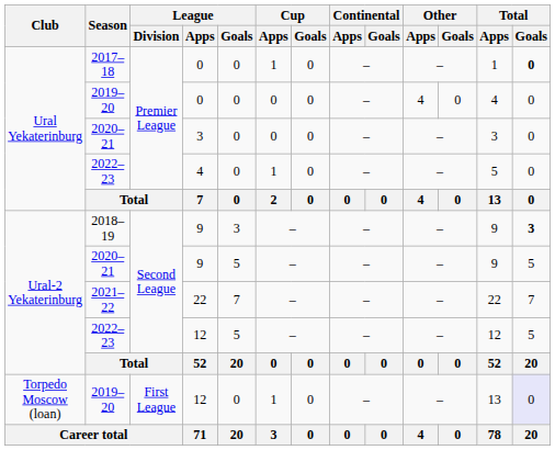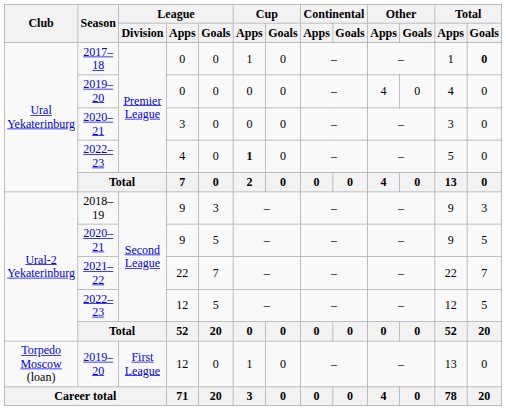 <table class="wikitable" style="text-align: center;">
 <tr>
 <th rowspan=2>Club</th>
 <th rowspan=2>Season</th>
 <th colspan=3>League</th>
 <th colspan=2>Cup</th>
 <th colspan=2>Continental</th>
 <th colspan=2>Other</th>
 <th colspan=2>Total</th>
 </tr>
 <tr>
 <th>Division</th>
 <th>Apps</th>
 <th>Goals</th>
 <th>Apps</th>
 <th>Goals</th>
 <th>Apps</th>
 <th>Goals</th>
 <th>Apps</th>
 <th>Goals</th>
 <th>Apps</th>
 <th>Goals</th>
 </tr>
 <tr>
 <td rowspan="5"><a href='#'>Ural Yekaterinburg</a></td>
 <td><a href='#'>2017–18</a></td>
 <td rowspan="4"><a href='#'>Premier League</a></td>
 <td>0</td>
 <td>0</td>
 <td>1</td>
 <td>0</td>
 <td colspan=2>–</td>
 <td colspan=2>–</td>
 <td>1</td>
 <td><strong>0</strong></td>
 </tr>
 <tr>
 <td><a href='#'>2019–20</a></td>
 <td>0</td>
 <td>0</td>
 <td>0</td>
 <td>0</td>
 <td colspan=2>–</td>
 <td>4</td>
 <td>0</td>
 <td>4</td>
 <td>0</td>
 </tr>
 <tr>
 <td><a href='#'>2020–21</a></td>
 <td>3</td>
 <td>0</td>
 <td>0</td>
 <td>0</td>
 <td colspan=2>–</td>
 <td colspan=2>–</td>
 <td>3</td>
 <td>0</td>
 </tr>
 <tr>
 <td><a href='#'>2022–23</a></td>
 <td>4</td>
 <td>0</td>
-<td>1</td>
+<td><strong>1</strong></td>
 <td>0</td>
 <td colspan=2>–</td>
 <td colspan=2>–</td>
 <td>5</td>
 <td>0</td>
 </tr>
 <tr>
 <th colspan=2>Total</th>
 <th>7</th>
 <th>0</th>
 <th>2</th>
 <th>0</th>
 <th>0</th>
 <th>0</th>
 <th>4</th>
 <th>0</th>
 <th>13</th>
 <th>0</th>
 </tr>
 <tr>
 <td rowspan="5"><a href='#'>Ural-2 Yekaterinburg</a></td>
 <td>2018–19</td>
 <td rowspan="4"><a href='#'>Second League</a></td>
 <td>9</td>
 <td>3</td>
 <td colspan=2>–</td>
 <td colspan=2>–</td>
 <td colspan=2>–</td>
 <td>9</td>
-<td><strong>3</strong></td>
+<td>3</td>
 </tr>
 <tr>
 <td><a href='#'>2020–21</a></td>
 <td>9</td>
 <td>5</td>
 <td colspan=2>–</td>
 <td colspan=2>–</td>
 <td colspan=2>–</td>
 <td>9</td>
 <td>5</td>
 </tr>
 <tr>
 <td><a href='#'>2021–22</a></td>
 <td>22</td>
 <td>7</td>
 <td colspan=2>–</td>
 <td colspan=2>–</td>
 <td colspan=2>–</td>
 <td>22</td>
 <td>7</td>
 </tr>
 <tr>
 <td><a href='#'>2022–23</a></td>
 <td>12</td>
 <td>5</td>
 <td colspan=2>–</td>
 <td colspan=2>–</td>
 <td colspan=2>–</td>
 <td>12</td>
 <td>5</td>
 </tr>
 <tr>
 <th colspan=2>Total</th>
 <th>52</th>
 <th>20</th>
 <th>0</th>
 <th>0</th>
 <th>0</th>
 <th>0</th>
 <th>0</th>
 <th>0</th>
 <th>52</th>
 <th>20</th>
 </tr>
 <tr>
 <td><a href='#'>Torpedo Moscow</a> (loan)</td>
 <td><a href='#'>2019–20</a></td>
 <td><a href='#'>First League</a></td>
 <td>12</td>
 <td>0</td>
 <td>1</td>
 <td>0</td>
 <td colspan=2>–</td>
 <td colspan=2>–</td>
 <td>13</td>
-<td style="background: lavender;">0</td>
+<td>0</td>
 </tr>
 <tr>
 <th colspan=3>Career total</th>
 <th>71</th>
 <th>20</th>
 <th>3</th>
 <th>0</th>
 <th>0</th>
 <th>0</th>
 <th>4</th>
 <th>0</th>
 <th>78</th>
 <th>20</th>
 </tr>
 </table>
